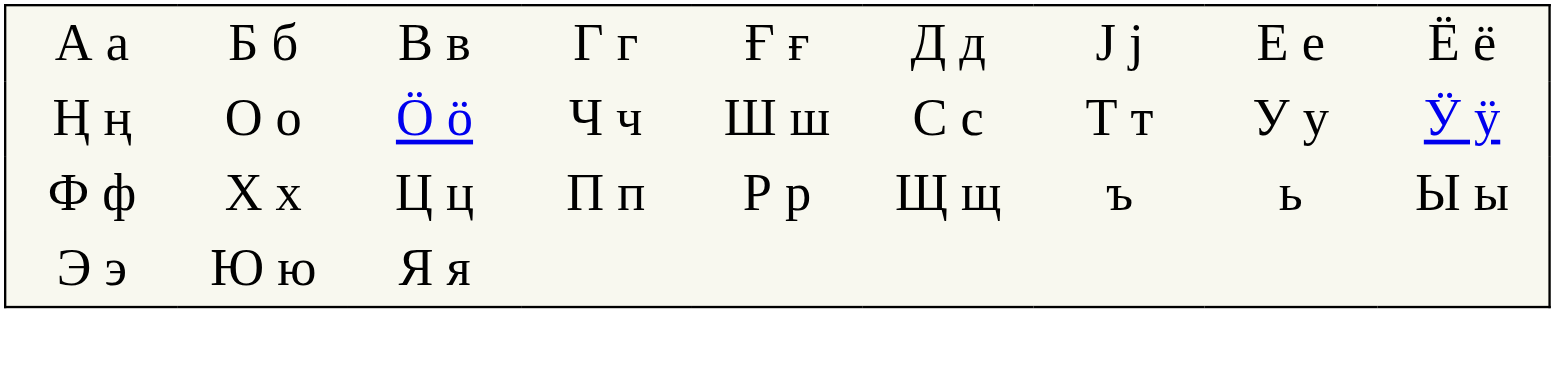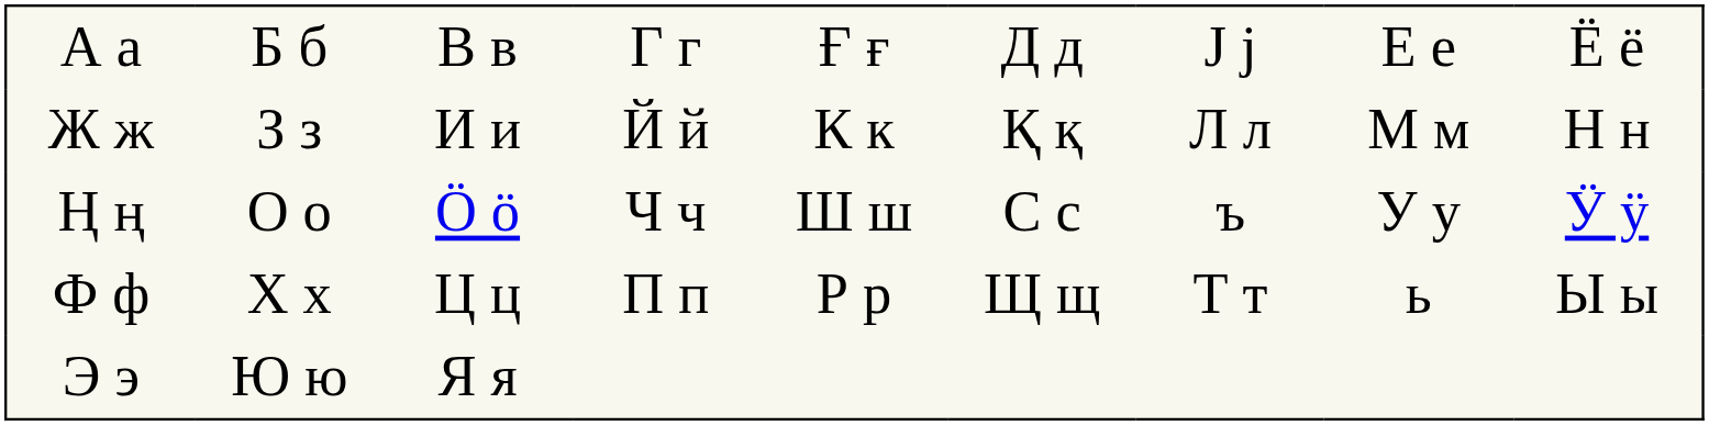 <table style="font-family:Arial Unicode MS; font-size:1.4em; border-color:#000000; border-width:1px; border-style:solid; border-collapse:collapse; background-color:#F8F8EF">
 <tr>
 <td style="width:3em; text-align:center; padding: 3px;">А а</td>
 <td style="width:3em; text-align:center; padding: 3px;">Б б</td>
 <td style="width:3em; text-align:center; padding: 3px;">В в</td>
 <td style="width:3em; text-align:center; padding: 3px;">Г г</td>
 <td style="width:3em; text-align:center; padding: 3px;">Ғ ғ</td>
 <td style="width:3em; text-align:center; padding: 3px;">Д д</td>
 <td style="width:3em; text-align:center; padding: 3px;">Ј ј</td>
 <td style="width:3em; text-align:center; padding: 3px;">Е е</td>
 <td style="width:3em; text-align:center; padding: 3px;">Ё ё</td>
 </tr>
 <tr>
+<td style="width:3em; text-align:center; padding: 3px;">Ж ж</td>
+<td style="width:3em; text-align:center; padding: 3px;">З з</td>
+<td style="width:3em; text-align:center; padding: 3px;">И и</td>
+<td style="width:3em; text-align:center; padding: 3px;">Й й</td>
+<td style="width:3em; text-align:center; padding: 3px;">К к</td>
+<td style="width:3em; text-align:center; padding: 3px;">Қ қ</td>
+<td style="width:3em; text-align:center; padding: 3px;">Л л</td>
+<td style="width:3em; text-align:center; padding: 3px;">М м</td>
+<td style="width:3em; text-align:center; padding: 3px;">Н н</td>
+</tr>
+<tr>
 <td style="width:3em; text-align:center; padding: 3px;">Ң ң</td>
 <td style="width:3em; text-align:center; padding: 3px;">О о</td>
 <td style="width:3em; text-align:center; padding: 3px;"><a href='#'>Ӧ ӧ</a></td>
 <td style="width:3em; text-align:center; padding: 3px;">Ч ч</td>
 <td style="width:3em; text-align:center; padding: 3px;">Ш ш</td>
 <td style="width:3em; text-align:center; padding: 3px;">С с</td>
-<td style="width:3em; text-align:center; padding: 3px;">Т т</td>
+<td style="width:3em; text-align:center; padding: 3px;">ъ</td>
 <td style="width:3em; text-align:center; padding: 3px;">У у</td>
 <td style="width:3em; text-align:center; padding: 3px;"><a href='#'>Ӱ ӱ</a></td>
 </tr>
 <tr>
 <td style="width:3em; text-align:center; padding: 3px;">Ф ф</td>
 <td style="width:3em; text-align:center; padding: 3px;">Х х</td>
 <td style="width:3em; text-align:center; padding: 3px;">Ц ц</td>
 <td style="width:3em; text-align:center; padding: 3px;">П п</td>
 <td style="width:3em; text-align:center; padding: 3px;">Р р</td>
 <td style="width:3em; text-align:center; padding: 3px;">Щ щ</td>
-<td style="width:3em; text-align:center; padding: 3px;">ъ</td>
+<td style="width:3em; text-align:center; padding: 3px;">Т т</td>
 <td style="width:3em; text-align:center; padding: 3px;">ь</td>
 <td style="width:3em; text-align:center; padding: 3px;">Ы ы</td>
 </tr>
 <tr>
 <td style="width:3em; text-align:center; padding: 3px;">Э э</td>
 <td style="width:3em; text-align:center; padding: 3px;">Ю ю</td>
 <td style="width:3em; text-align:center; padding: 3px;">Я я</td>
 <td></td>
 <td></td>
 <td></td>
 <td></td>
 <td></td>
 <td></td>
 </tr>
 </table>
